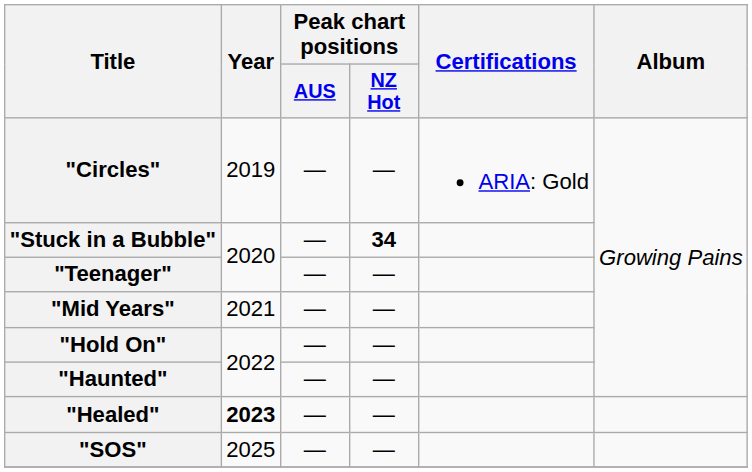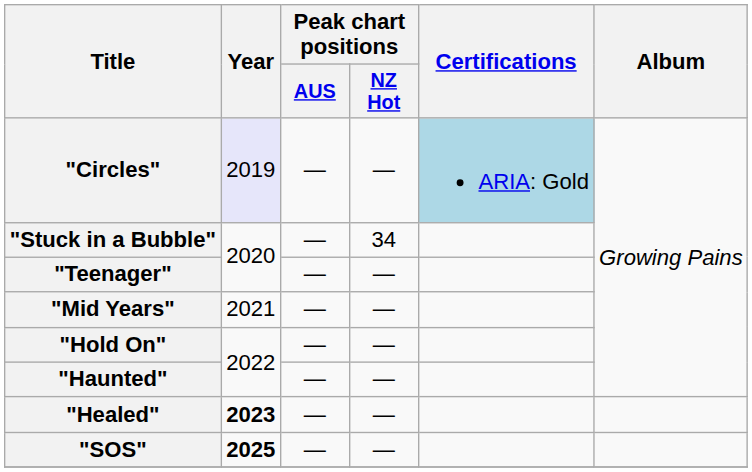 <table class="wikitable plainrowheaders" style="text-align:center;">
 <tr>
 <th scope="col" rowspan="2">Title</th>
 <th scope="col" rowspan="2">Year</th>
 <th scope="col" colspan="2">Peak chart positions</th>
 <th scope="col" rowspan="2"><a href='#'>Certifications</a></th>
 <th scope="col" rowspan="2">Album</th>
 </tr>
 <tr>
 <th scope="col" style="width:3em;font-size:90%;"><a href='#'>AUS</a></th>
 <th scope="col" style="width:3em;font-size:90%;"><a href='#'>NZ<br>Hot</a><br></th>
 </tr>
 <tr>
 <th scope="row">"Circles"</th>
-<td>2019</td>
+<td style="background: lavender;">2019</td>
 <td>—</td>
 <td>—</td>
-<td><br><ul><li><a href='#'>ARIA</a>: Gold</li></ul></td>
+<td style="background: lightblue;"><br><ul><li><a href='#'>ARIA</a>: Gold</li></ul></td>
 <td rowspan="6"><em>Growing Pains</em></td>
 </tr>
 <tr>
 <th scope="row">"Stuck in a Bubble"<br></th>
 <td rowspan="2">2020</td>
 <td>—</td>
-<td><strong>34</strong></td>
+<td>34</td>
 <td></td>
 </tr>
 <tr>
 <th scope="row">"Teenager"</th>
 <td>—</td>
 <td>—</td>
 <td></td>
 </tr>
 <tr>
 <th scope="row">"Mid Years"</th>
 <td>2021</td>
 <td>—</td>
 <td>—</td>
 <td></td>
 </tr>
 <tr>
 <th scope="row">"Hold On"</th>
 <td rowspan="2">2022</td>
 <td>—</td>
 <td>—</td>
 <td></td>
 </tr>
 <tr>
 <th scope="row">"Haunted"</th>
 <td>—</td>
 <td>—</td>
 <td></td>
 </tr>
 <tr>
 <th scope="row">"Healed"</th>
 <td><strong>2023</strong></td>
 <td>—</td>
 <td>—</td>
 <td></td>
 <td></td>
 </tr>
 <tr>
 <th scope="row">"SOS"</th>
-<td>2025</td>
+<td><strong>2025</strong></td>
 <td>—</td>
 <td>—</td>
 <td></td>
 <td></td>
 </tr>
 <tr>
 </tr>
 </table>
